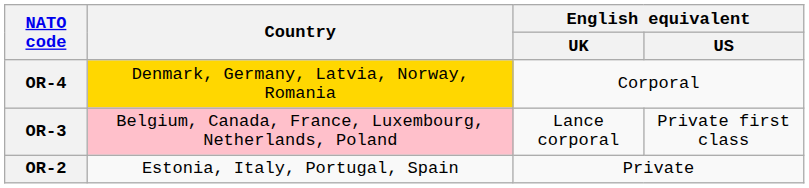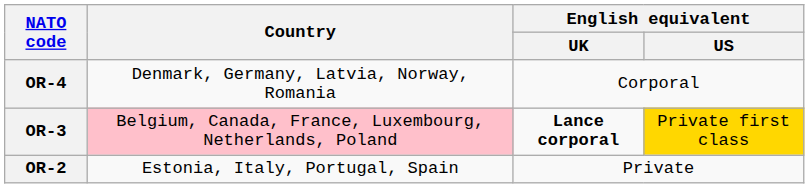 <table class="wikitable plainrowheaders" style="text-align:center;" border="1">
 <tr>
 <th rowspan=2><a href='#'>NATO code</a></th>
 <th rowspan=2>Country</th>
 <th colspan=2>English equivalent</th>
 </tr>
 <tr>
 <th>UK</th>
 <th>US</th>
 </tr>
 <tr>
 <th>OR-4</th>
-<td style="background: gold;">Denmark, Germany, Latvia, Norway, Romania</td>
+<td>Denmark, Germany, Latvia, Norway, Romania</td>
 <td colspan=2>Corporal</td>
 </tr>
 <tr>
 <th>OR-3</th>
 <td style="background: pink;">Belgium, Canada, France, Luxembourg, Netherlands, Poland</td>
-<td>Lance corporal</td>
-<td>Private first class</td>
+<td><strong>Lance corporal</strong></td>
+<td style="background: gold;">Private first class</td>
 </tr>
 <tr>
 <th>OR-2</th>
 <td>Estonia, Italy, Portugal, Spain</td>
 <td colspan=2>Private</td>
 </tr>
 </table>
